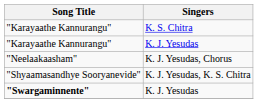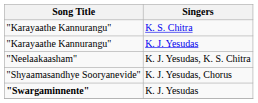 <table class="wikitable">
 <tr>
 <th>Song Title</th>
 <th>Singers</th>
 </tr>
 <tr>
 <td>"Karayaathe Kannurangu"</td>
 <td><a href='#'>K. S. Chitra</a></td>
 </tr>
 <tr>
 <td>"Karayaathe Kannurangu"</td>
 <td><a href='#'>K. J. Yesudas</a></td>
 </tr>
 <tr>
 <td>"Neelaakaasham"</td>
-<td>K. J. Yesudas, Chorus</td>
+<td>K. J. Yesudas, K. S. Chitra</td>
 </tr>
 <tr>
 <td>"Shyaamasandhye Sooryanevide"</td>
-<td>K. J. Yesudas, K. S. Chitra</td>
+<td>K. J. Yesudas, Chorus</td>
 </tr>
 <tr>
 <td><strong>"Swargaminnente"</strong></td>
 <td>K. J. Yesudas</td>
 </tr>
 <tr>
 </tr>
 </table>
